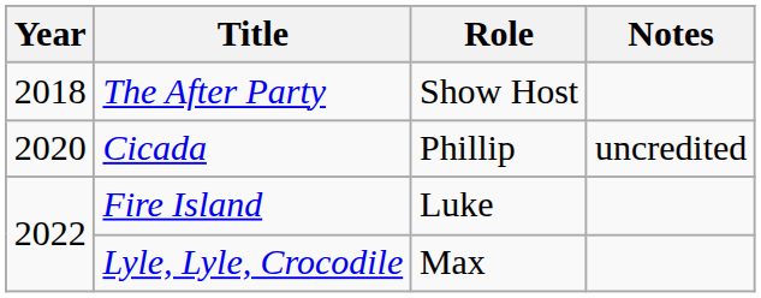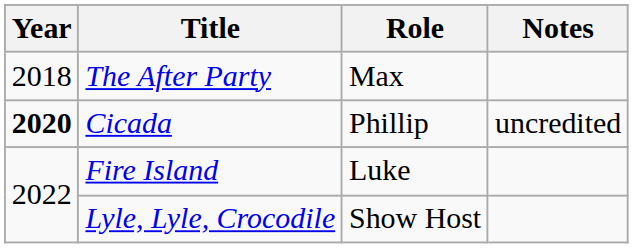 <table class=  "wikitable">
 <tr>
 <th>Year</th>
 <th>Title</th>
 <th>Role</th>
 <th>Notes</th>
 </tr>
 <tr>
 <td>2018</td>
 <td><em><a href='#'>The After Party</a></em></td>
-<td>Show Host</td>
+<td>Max</td>
 <td></td>
 </tr>
 <tr>
-<td>2020</td>
+<td><strong>2020</strong></td>
 <td><em><a href='#'>Cicada</a></em></td>
 <td>Phillip</td>
 <td>uncredited</td>
 </tr>
 <tr>
 <td rowspan=2>2022</td>
 <td><em><a href='#'>Fire Island</a></em></td>
 <td>Luke</td>
 <td></td>
 </tr>
 <tr>
 <td><em><a href='#'>Lyle, Lyle, Crocodile</a></em></td>
-<td>Max</td>
+<td>Show Host</td>
 <td></td>
 </tr>
 </table>
